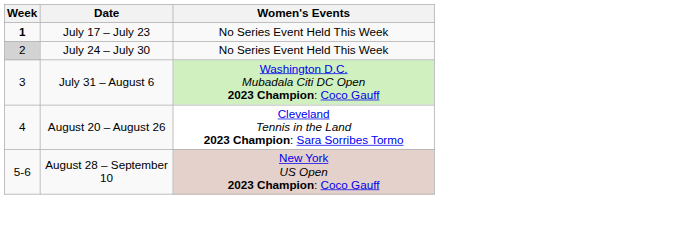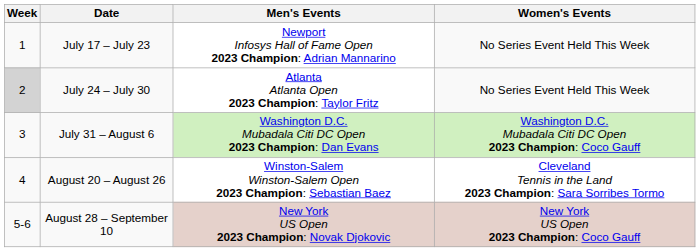 <table class="wikitable">
 <tr>
 <th width=30>Week</th>
 <th width=175>Date</th>
+<th width=350>Men's Events</th>
 <th width=350>Women's Events</th>
 </tr>
 <tr align=center>
-<td><strong>1</strong></td>
+<td>1</td>
 <td>July 17 – July 23</td>
+<td bgcolor="#ffffff"><a href='#'>Newport</a><br><em>Infosys Hall of Fame Open</em><br><strong>2023 Champion</strong>:  <a href='#'>Adrian Mannarino</a></td>
 <td>No Series Event Held This Week</td>
 </tr>
 <tr align=center>
 <td style="background: lightgrey;">2</td>
 <td>July 24 – July 30</td>
+<td bgcolor="#ffffff"><a href='#'>Atlanta</a><br><em>Atlanta Open</em><br><strong>2023 Champion</strong>:  <a href='#'>Taylor Fritz</a></td>
 <td>No Series Event Held This Week</td>
 </tr>
 <tr align=center>
 <td>3</td>
 <td>July 31 – August 6</td>
+<td bgcolor="#d0f0c0 "><a href='#'>Washington D.C.</a><br><em>Mubadala Citi DC Open</em><br><strong>2023 Champion</strong>:  <a href='#'>Dan Evans</a></td>
 <td bgcolor=#d0f0c0><a href='#'>Washington D.C.</a><br><em>Mubadala Citi DC Open</em><br><strong>2023 Champion</strong>:  <a href='#'>Coco Gauff</a></td>
 </tr>
 <tr align=center>
 <td>4</td>
 <td>August 20 – August 26</td>
+<td bgcolor="#ffffff"><a href='#'>Winston-Salem</a><br><em>Winston-Salem Open</em><br><strong>2023 Champion</strong>:  <a href='#'>Sebastian Baez</a></td>
 <td bgcolor=#ffffff><a href='#'>Cleveland</a><br><em>Tennis in the Land</em><br><strong>2023 Champion</strong>:  <a href='#'>Sara Sorribes Tormo</a></td>
 </tr>
 <tr align=center>
 <td>5-6</td>
 <td>August 28 – September 10</td>
+<td bgcolor="#e5d1cb"><a href='#'>New York</a><br> <em>US Open</em><br><strong>2023 Champion</strong>:  <a href='#'>Novak Djokovic</a></td>
 <td bgcolor="e5d1cb"><a href='#'>New York</a><br> <em>US Open</em><br><strong>2023 Champion</strong>:  <a href='#'>Coco Gauff</a></td>
 </tr>
 </table>
